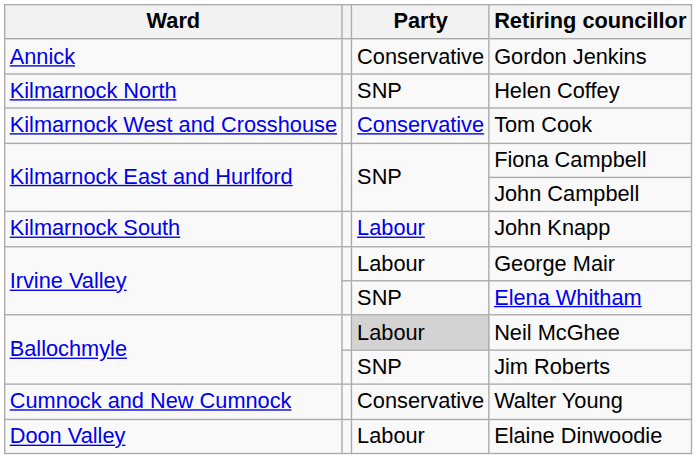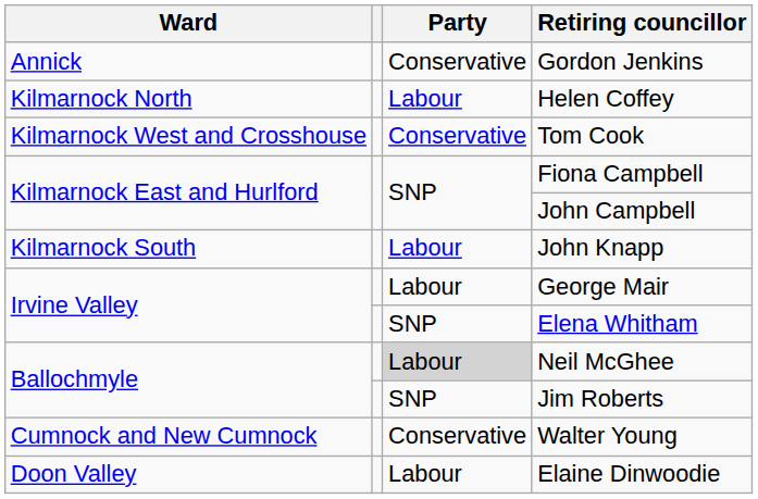 <table class="wikitable sortable">
 <tr>
 <th scope="col">Ward</th>
 <th class="unsortable"></th>
 <th scope="col">Party</th>
 <th scope="col">Retiring councillor</th>
 </tr>
 <tr>
 <td scope="row"><a href='#'>Annick</a></td>
 <td style="background-color: "></td>
 <td>Conservative</td>
 <td>Gordon Jenkins</td>
 </tr>
 <tr>
 <td scope="row"><a href='#'>Kilmarnock North</a></td>
 <td style="background-color: "></td>
-<td>SNP</td>
+<td><a href='#'>Labour</a></td>
 <td>Helen Coffey</td>
 </tr>
 <tr>
 <td scope="row"><a href='#'>Kilmarnock West and Crosshouse</a></td>
 <td style="background-color: "></td>
 <td><a href='#'>Conservative</a></td>
 <td>Tom Cook</td>
 </tr>
 <tr>
 <td scope="row"; rowspan="2"><a href='#'>Kilmarnock East and Hurlford</a></td>
 <td rowspan="2" style="background-color: "></td>
 <td rowspan="2">SNP</td>
 <td>Fiona Campbell</td>
 </tr>
 <tr>
 <td>John Campbell</td>
 </tr>
 <tr>
 <td scope="row"><a href='#'>Kilmarnock South</a></td>
 <td style="background-color: "></td>
 <td><a href='#'>Labour</a></td>
 <td>John Knapp</td>
 </tr>
 <tr>
 <td scope="row"; rowspan="2"><a href='#'>Irvine Valley</a></td>
 <td style="background-color: "></td>
 <td>Labour</td>
 <td>George Mair</td>
 </tr>
 <tr>
 <td style="background-color: "></td>
 <td>SNP</td>
 <td><a href='#'>Elena Whitham</a></td>
 </tr>
 <tr>
 <td scope="row"; rowspan="2"><a href='#'>Ballochmyle</a></td>
 <td style="background-color: "></td>
 <td style="background: lightgrey;">Labour</td>
 <td>Neil McGhee</td>
 </tr>
 <tr>
 <td style="background-color: "></td>
 <td>SNP</td>
 <td>Jim Roberts</td>
 </tr>
 <tr>
 <td scope="row"><a href='#'>Cumnock and New Cumnock</a></td>
 <td style="background-color: "></td>
 <td>Conservative</td>
 <td>Walter Young</td>
 </tr>
 <tr>
 <td scope="row"><a href='#'>Doon Valley</a></td>
 <td style="background-color: "></td>
 <td>Labour</td>
 <td>Elaine Dinwoodie</td>
 </tr>
 </table>
